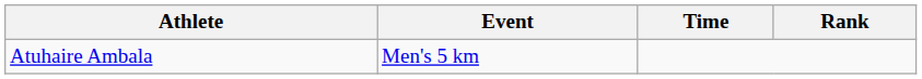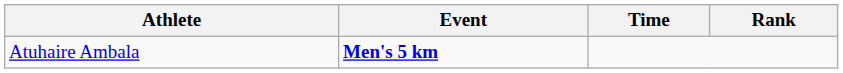 <table class="wikitable" style="text-align:center; font-size:90%; width:50%;">
 <tr>
 <th>Athlete</th>
 <th>Event</th>
 <th>Time</th>
 <th>Rank</th>
 </tr>
 <tr>
 <td align=left><a href='#'>Atuhaire Ambala</a></td>
-<td align=left><a href='#'>Men's 5 km</a></td>
+<td align=left><strong><a href='#'>Men's 5 km</a></strong></td>
 <td colspan=2></td>
 </tr>
 </table>
